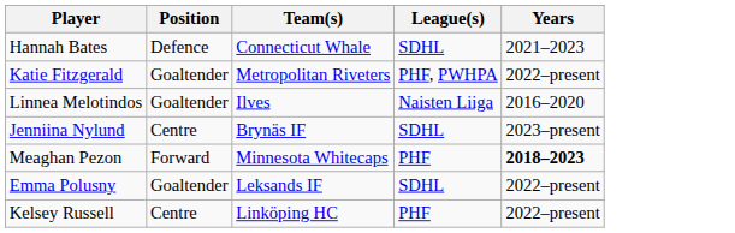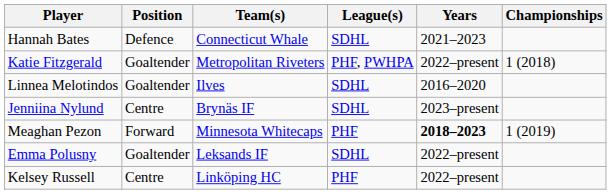 <table class="wikitable sortable">
 <tr>
 <th>Player</th>
 <th>Position</th>
 <th>Team(s)</th>
 <th>League(s)</th>
 <th>Years</th>
+<th>Championships</th>
 </tr>
 <tr bgcolor=>
 <td>Hannah Bates</td>
 <td>Defence</td>
 <td><a href='#'>Connecticut Whale</a></td>
 <td><a href='#'>SDHL</a></td>
 <td>2021–2023</td>
+<td></td>
 </tr>
 <tr bgcolor=>
 <td><a href='#'>Katie Fitzgerald</a></td>
 <td>Goaltender</td>
 <td><a href='#'>Metropolitan Riveters</a></td>
 <td><a href='#'>PHF</a>, <a href='#'>PWHPA</a></td>
 <td>2022–present</td>
+<td>1 (2018)</td>
 </tr>
 <tr bgcolor=>
 <td>Linnea Melotindos</td>
 <td>Goaltender</td>
 <td><a href='#'>Ilves</a></td>
-<td><a href='#'>Naisten Liiga</a></td>
+<td><a href='#'>SDHL</a></td>
 <td>2016–2020</td>
+<td></td>
 </tr>
 <tr bgcolor=>
 <td><a href='#'>Jenniina Nylund</a></td>
 <td>Centre</td>
 <td><a href='#'>Brynäs IF</a></td>
 <td><a href='#'>SDHL</a></td>
 <td>2023–present</td>
+<td></td>
 </tr>
 <tr bgcolor=>
 <td>Meaghan Pezon</td>
 <td>Forward</td>
 <td><a href='#'>Minnesota Whitecaps</a></td>
 <td><a href='#'>PHF</a></td>
 <td><strong>2018–2023</strong></td>
+<td>1 (2019)</td>
 </tr>
 <tr bgcolor=>
 <td><a href='#'>Emma Polusny</a></td>
 <td>Goaltender</td>
 <td><a href='#'>Leksands IF</a></td>
 <td><a href='#'>SDHL</a></td>
 <td>2022–present</td>
+<td></td>
 </tr>
 <tr bgcolor=>
 <td>Kelsey Russell</td>
 <td>Centre</td>
 <td><a href='#'>Linköping HC</a></td>
 <td><a href='#'>PHF</a></td>
 <td>2022–present</td>
+<td></td>
 </tr>
 </table>
